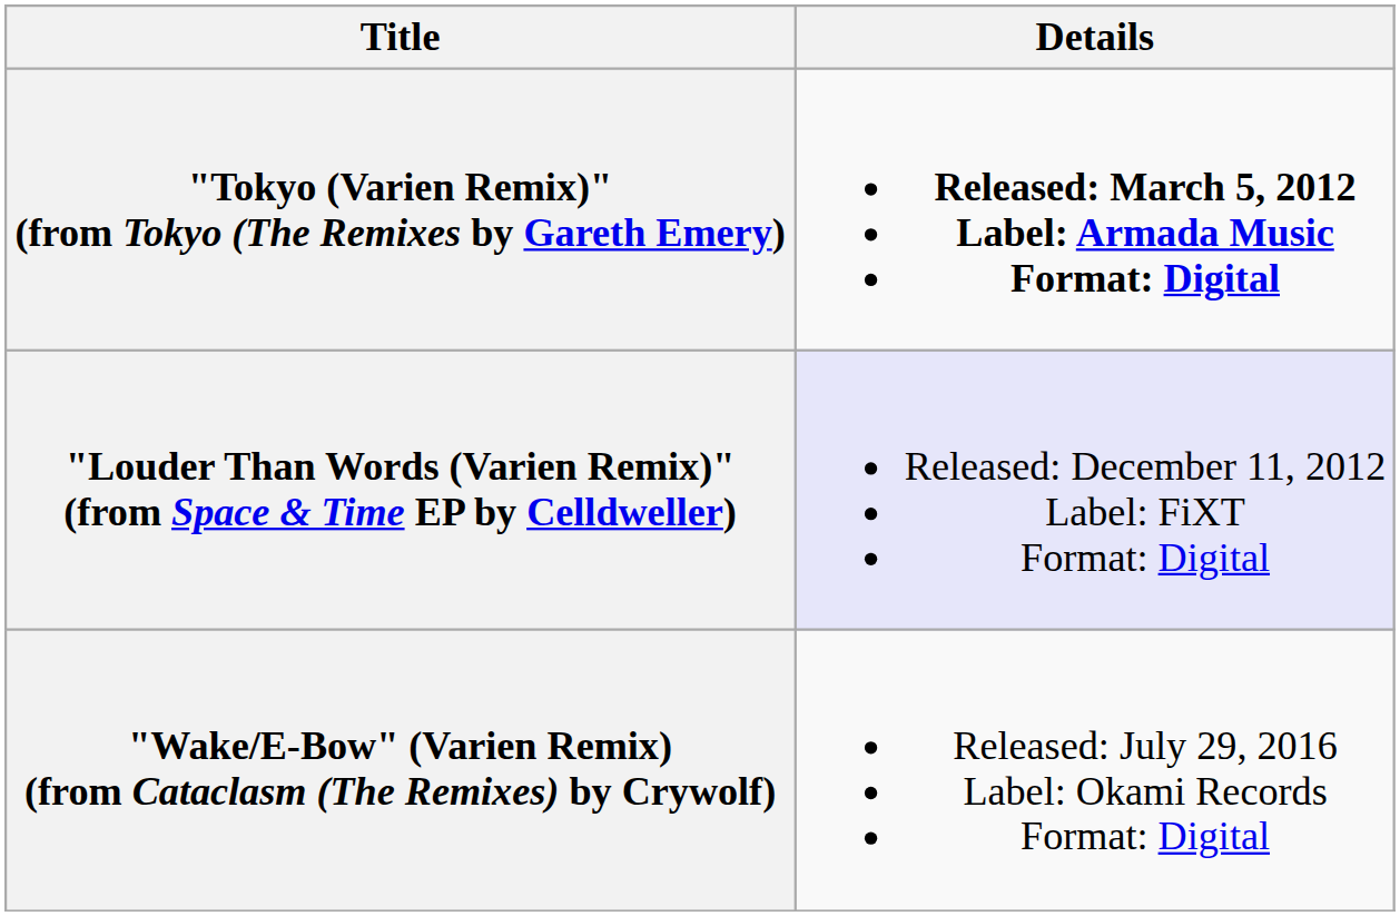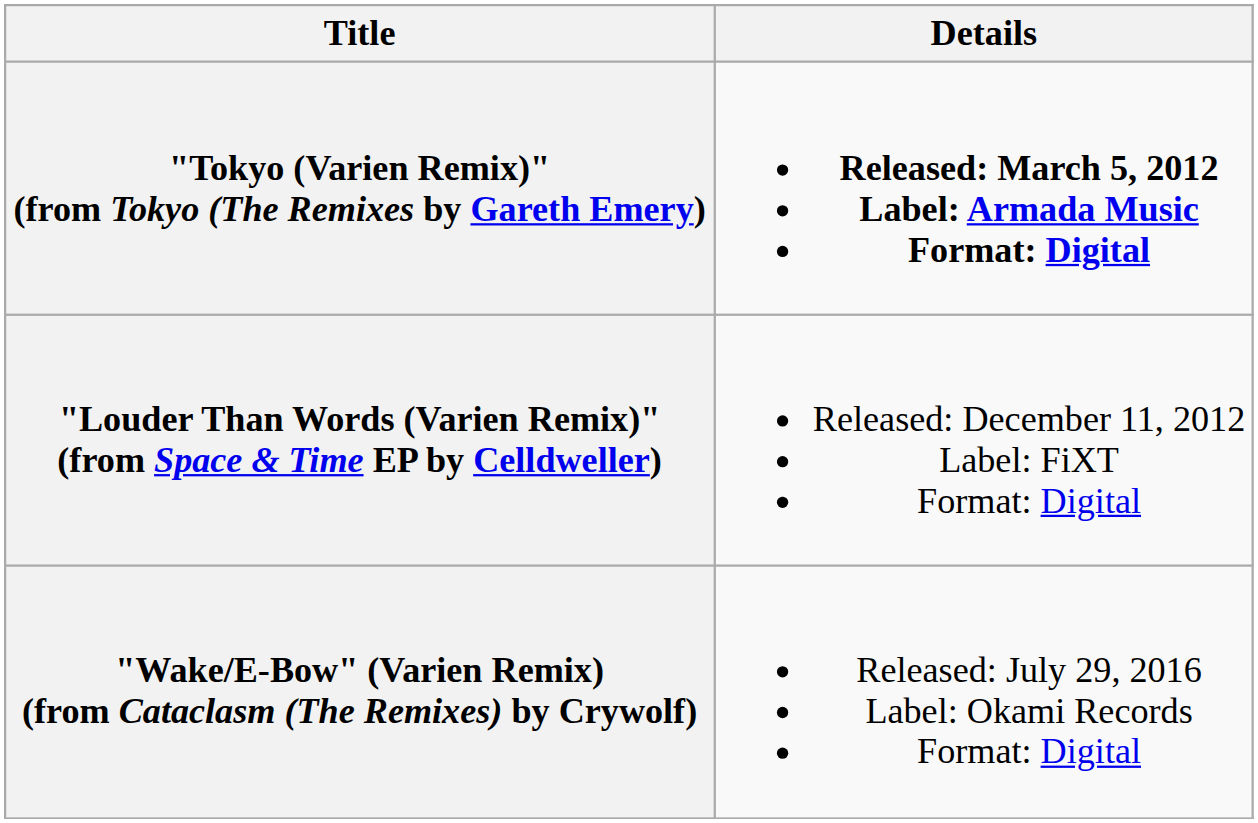 <table class="wikitable plainrowheaders" style="text-align:center;">
 <tr>
 <th scope="col">Title</th>
 <th scope="col">Details</th>
 </tr>
 <tr>
 <th scope="row">"Tokyo (Varien Remix)"<br>(from <em>Tokyo (The Remixes</em> by <a href='#'>Gareth Emery</a>)</th>
 <td><strong><br><ul><li>Released: March 5, 2012</li><li>Label: <a href='#'>Armada Music</a></li><li>Format: <a href='#'>Digital</a></li></ul></strong></td>
 </tr>
 <tr>
 <th scope="row">"Louder Than Words (Varien Remix)"<br>(from <em><a href='#'>Space & Time</a></em> EP by <a href='#'>Celldweller</a>)</th>
-<td style="background: lavender;"><br><ul><li>Released: December 11, 2012</li><li>Label: FiXT</li><li>Format: <a href='#'>Digital</a></li></ul></td>
+<td><br><ul><li>Released: December 11, 2012</li><li>Label: FiXT</li><li>Format: <a href='#'>Digital</a></li></ul></td>
 </tr>
 <tr>
 <th scope="row">"Wake/E-Bow" (Varien Remix)<br>(from <em>Cataclasm (The Remixes)</em> by Crywolf)</th>
 <td><br><ul><li>Released: July 29, 2016</li><li>Label: Okami Records</li><li>Format: <a href='#'>Digital</a></li></ul></td>
 </tr>
 <tr>
 </tr>
 </table>
